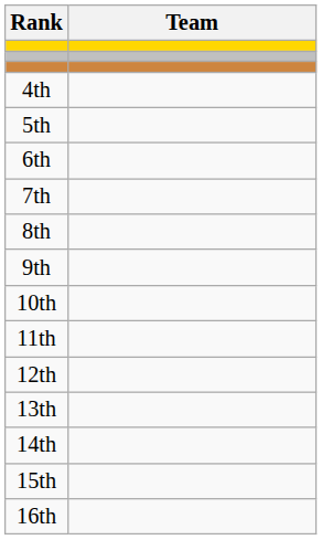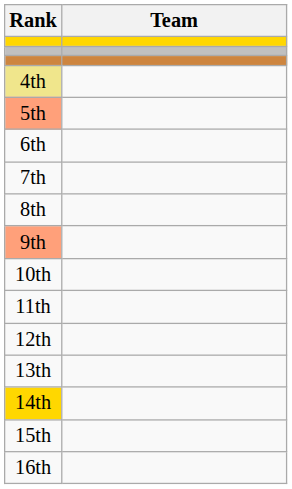 <table class=wikitable style="text-align:center;">
 <tr>
 <th>Rank</th>
 <th width=170>Team</th>
 </tr>
 <tr bgcolor=gold>
 <td></td>
 <td align=left></td>
 </tr>
 <tr bgcolor=silver>
 <td></td>
 <td align=left></td>
 </tr>
 <tr bgcolor=Peru>
 <td></td>
 <td align=left></td>
 </tr>
 <tr>
-<td>4th</td>
+<td style="background: khaki;">4th</td>
 <td align=left></td>
 </tr>
 <tr>
-<td>5th</td>
+<td style="background: lightsalmon;">5th</td>
 <td align=left></td>
 </tr>
 <tr>
 <td>6th</td>
 <td align=left></td>
 </tr>
 <tr>
 <td>7th</td>
 <td align=left></td>
 </tr>
 <tr>
 <td>8th</td>
 <td align=left></td>
 </tr>
 <tr>
-<td>9th</td>
+<td style="background: lightsalmon;">9th</td>
 <td align=left></td>
 </tr>
 <tr>
 <td>10th</td>
 <td align=left></td>
 </tr>
 <tr>
 <td>11th</td>
 <td align=left></td>
 </tr>
 <tr>
 <td>12th</td>
 <td align=left></td>
 </tr>
 <tr>
 <td>13th</td>
 <td align=left></td>
 </tr>
 <tr>
-<td>14th</td>
+<td style="background: gold;">14th</td>
 <td align=left></td>
 </tr>
 <tr bgcolor=>
 <td>15th</td>
 <td align=left></td>
 </tr>
 <tr bgcolor=>
 <td>16th</td>
 <td align=left></td>
 </tr>
 </table>
